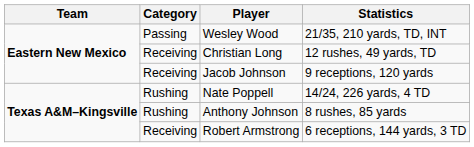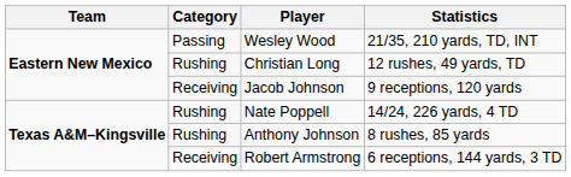 <table class="wikitable" style="float: left;">
 <tr>
 <th>Team</th>
 <th>Category</th>
 <th>Player</th>
 <th>Statistics</th>
 </tr>
 <tr>
 <td rowspan=3><strong>Eastern New Mexico</strong></td>
 <td>Passing</td>
 <td>Wesley Wood</td>
 <td>21/35, 210 yards, TD, INT</td>
 </tr>
 <tr>
-<td>Receiving</td>
+<td>Rushing</td>
 <td>Christian Long</td>
 <td>12 rushes, 49 yards, TD</td>
 </tr>
 <tr>
 <td>Receiving</td>
 <td>Jacob Johnson</td>
 <td>9 receptions, 120 yards</td>
 </tr>
 <tr>
 <td rowspan=3><strong>Texas A&M–Kingsville</strong></td>
 <td>Rushing</td>
 <td>Nate Poppell</td>
 <td>14/24, 226 yards, 4 TD</td>
 </tr>
 <tr>
 <td>Rushing</td>
 <td>Anthony Johnson</td>
 <td>8 rushes, 85 yards</td>
 </tr>
 <tr>
 <td>Receiving</td>
 <td>Robert Armstrong</td>
 <td>6 receptions, 144 yards, 3 TD</td>
 </tr>
 </table>
